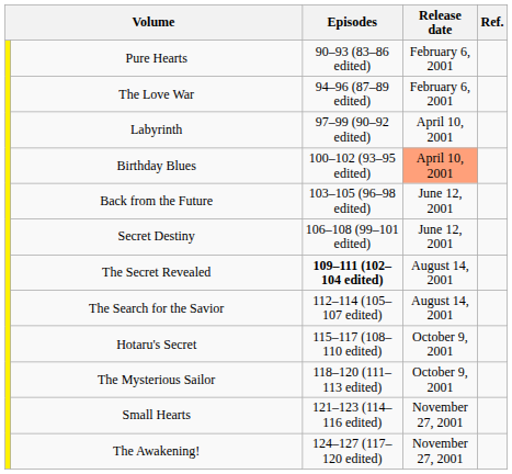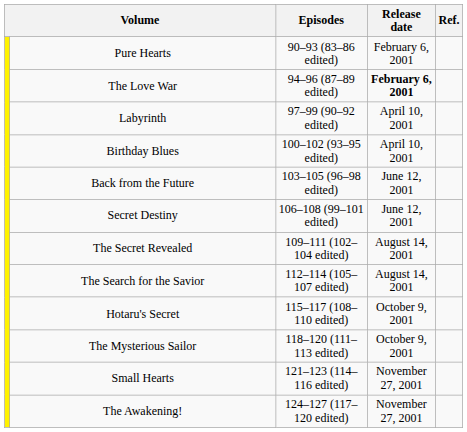 <table class="wikitable" style="text-align: center; width: 98%;">
 <tr>
 <th colspan="2">Volume</th>
 <th width="20%">Episodes</th>
 <th width="15%">Release date</th>
 <th width="5%">Ref.</th>
 </tr>
 <tr>
 <td rowspan="12" width="1%" style="background: #FFF200;"></td>
 <td>Pure Hearts</td>
 <td>90–93 (83–86 edited)</td>
 <td>February 6, 2001</td>
 <td></td>
 </tr>
 <tr>
 <td>The Love War</td>
 <td>94–96 (87–89 edited)</td>
-<td>February 6, 2001</td>
+<td><strong>February 6, 2001</strong></td>
 <td></td>
 </tr>
 <tr>
 <td>Labyrinth</td>
 <td>97–99 (90–92 edited)</td>
 <td>April 10, 2001</td>
 <td></td>
 </tr>
 <tr>
 <td>Birthday Blues</td>
 <td>100–102 (93–95 edited)</td>
-<td style="background: lightsalmon;">April 10, 2001</td>
+<td>April 10, 2001</td>
 <td></td>
 </tr>
 <tr>
 <td>Back from the Future</td>
 <td>103–105 (96–98 edited)</td>
 <td>June 12, 2001</td>
 <td></td>
 </tr>
 <tr>
 <td>Secret Destiny</td>
 <td>106–108 (99–101 edited)</td>
 <td>June 12, 2001</td>
 <td></td>
 </tr>
 <tr>
 <td>The Secret Revealed</td>
-<td><strong>109–111 (102–104 edited)</strong></td>
+<td>109–111 (102–104 edited)</td>
 <td>August 14, 2001</td>
 <td></td>
 </tr>
 <tr>
 <td>The Search for the Savior</td>
 <td>112–114 (105–107 edited)</td>
 <td>August 14, 2001</td>
 <td></td>
 </tr>
 <tr>
 <td>Hotaru's Secret</td>
 <td>115–117 (108–110 edited)</td>
 <td>October 9, 2001</td>
 <td></td>
 </tr>
 <tr>
 <td>The Mysterious Sailor</td>
 <td>118–120 (111–113 edited)</td>
 <td>October 9, 2001</td>
 <td></td>
 </tr>
 <tr>
 <td>Small Hearts</td>
 <td>121–123 (114–116 edited)</td>
 <td>November 27, 2001</td>
 <td></td>
 </tr>
 <tr>
 <td>The Awakening!</td>
 <td>124–127 (117–120 edited)</td>
 <td>November 27, 2001</td>
 <td></td>
 </tr>
 </table>
